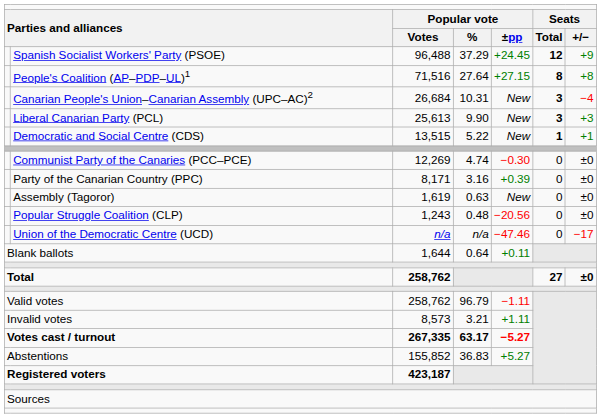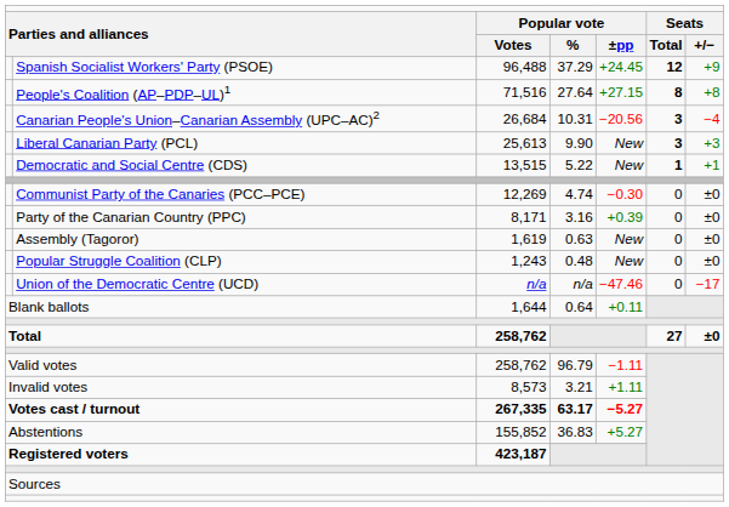 <table class="wikitable" style="text-align:right;">
 <tr>
 <td colspan="7"></td>
 </tr>
 <tr>
 <th style="text-align:left;" rowspan="2" colspan="2" width="525">Parties and alliances</th>
 <th colspan="3">Popular vote</th>
 <th colspan="2">Seats</th>
 </tr>
 <tr>
 <th width="75">Votes</th>
 <th width="45">%</th>
 <th width="45">±<a href='#'>pp</a></th>
 <th width="35">Total</th>
 <th width="35">+/−</th>
 </tr>
 <tr>
 <td width="1" style="color:inherit;background:"></td>
 <td align="left"><a href='#'>Spanish Socialist Workers' Party</a> (PSOE)</td>
 <td>96,488</td>
 <td>37.29</td>
 <td style="color:green;">+24.45</td>
 <td><strong>12</strong></td>
 <td style="color:green;">+9</td>
 </tr>
 <tr>
 <td style="color:inherit;background:"></td>
 <td align="left"><a href='#'>People's Coalition</a> (<a href='#'>AP</a>–<a href='#'>PDP</a>–<a href='#'>UL</a>)<sup>1</sup></td>
 <td>71,516</td>
 <td>27.64</td>
 <td style="color:green;">+27.15</td>
 <td><strong>8</strong></td>
 <td style="color:green;">+8</td>
 </tr>
 <tr>
 <td style="color:inherit;background:"></td>
 <td align="left"><a href='#'>Canarian People's Union</a>–<a href='#'>Canarian Assembly</a> (UPC–AC)<sup>2</sup></td>
 <td>26,684</td>
 <td>10.31</td>
-<td><em>New</em></td>
+<td style="color:red;">−20.56</td>
 <td><strong>3</strong></td>
 <td style="color:red;">−4</td>
 </tr>
 <tr>
 <td style="color:inherit;background:"></td>
 <td align="left"><a href='#'>Liberal Canarian Party</a> (PCL)</td>
 <td>25,613</td>
 <td>9.90</td>
 <td><em>New</em></td>
 <td><strong>3</strong></td>
 <td style="color:green;">+3</td>
 </tr>
 <tr>
 <td style="color:inherit;background:"></td>
 <td align="left"><a href='#'>Democratic and Social Centre</a> (CDS)</td>
 <td>13,515</td>
 <td>5.22</td>
 <td><em>New</em></td>
 <td><strong>1</strong></td>
 <td style="color:green;">+1</td>
 </tr>
 <tr>
 <td colspan="7" bgcolor="#C0C0C0"></td>
 </tr>
 <tr>
 <td style="color:inherit;background:"></td>
 <td align="left"><a href='#'>Communist Party of the Canaries</a> (PCC–PCE)</td>
 <td>12,269</td>
 <td>4.74</td>
 <td style="color:red;">−0.30</td>
 <td>0</td>
 <td>±0</td>
 </tr>
 <tr>
 <td style="color:inherit;background:"></td>
 <td align="left">Party of the Canarian Country (PPC)</td>
 <td>8,171</td>
 <td>3.16</td>
 <td style="color:green;">+0.39</td>
 <td>0</td>
 <td>±0</td>
 </tr>
 <tr>
 <td style="color:inherit;background:"></td>
 <td align="left">Assembly (Tagoror)</td>
 <td>1,619</td>
 <td>0.63</td>
 <td><em>New</em></td>
 <td>0</td>
 <td>±0</td>
 </tr>
 <tr>
 <td style="color:inherit;background:"></td>
 <td align="left"><a href='#'>Popular Struggle Coalition</a> (CLP)</td>
 <td>1,243</td>
 <td>0.48</td>
-<td style="color:red;">−20.56</td>
+<td><em>New</em></td>
 <td>0</td>
 <td>±0</td>
 </tr>
 <tr>
 <td style="color:inherit;background:"></td>
 <td align="left"><a href='#'>Union of the Democratic Centre</a> (UCD)</td>
 <td><em><a href='#'>n/a</a></em></td>
 <td><em>n/a</em></td>
 <td style="color:red;">−47.46</td>
 <td>0</td>
 <td style="color:red;">−17</td>
 </tr>
 <tr>
 <td align="left" colspan="2">Blank ballots</td>
 <td>1,644</td>
 <td>0.64</td>
 <td style="color:green;">+0.11</td>
 <td bgcolor="#E9E9E9" colspan="2"></td>
 </tr>
 <tr>
 <td colspan="7" bgcolor="#E9E9E9"></td>
 </tr>
 <tr style="font-weight:bold;">
 <td align="left" colspan="2">Total</td>
 <td>258,762</td>
 <td bgcolor="#E9E9E9" colspan="2"></td>
 <td>27</td>
 <td>±0</td>
 </tr>
 <tr>
 <td colspan="7" bgcolor="#E9E9E9"></td>
 </tr>
 <tr>
 <td align="left" colspan="2">Valid votes</td>
 <td>258,762</td>
 <td>96.79</td>
 <td style="color:red;">−1.11</td>
 <td bgcolor="#E9E9E9" colspan="2" rowspan="5"></td>
 </tr>
 <tr>
 <td align="left" colspan="2">Invalid votes</td>
 <td>8,573</td>
 <td>3.21</td>
 <td style="color:green;">+1.11</td>
 </tr>
 <tr style="font-weight:bold;">
 <td align="left" colspan="2">Votes cast / turnout</td>
 <td>267,335</td>
 <td>63.17</td>
 <td style="color:red;">−5.27</td>
 </tr>
 <tr>
 <td align="left" colspan="2">Abstentions</td>
 <td>155,852</td>
 <td>36.83</td>
 <td style="color:green;">+5.27</td>
 </tr>
 <tr style="font-weight:bold;">
 <td align="left" colspan="2">Registered voters</td>
 <td>423,187</td>
 <td bgcolor="#E9E9E9" colspan="2"></td>
 </tr>
 <tr>
 <td colspan="7" bgcolor="#E9E9E9"></td>
 </tr>
 <tr>
 <td align="left" colspan="7">Sources</td>
 </tr>
 <tr>
 <td colspan="7" style="text-align:left; max-width:790px;"></td>
 </tr>
 </table>
